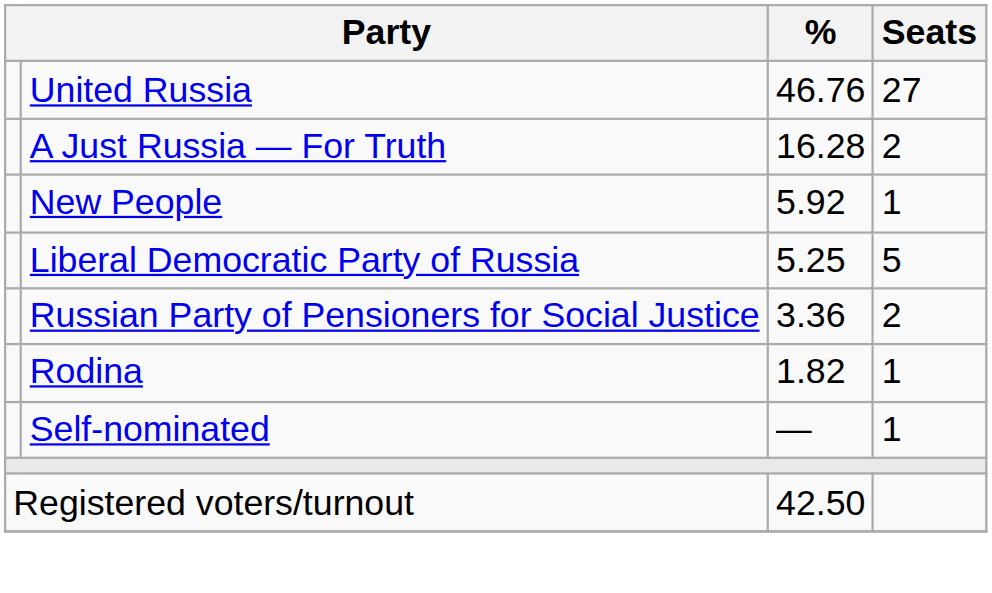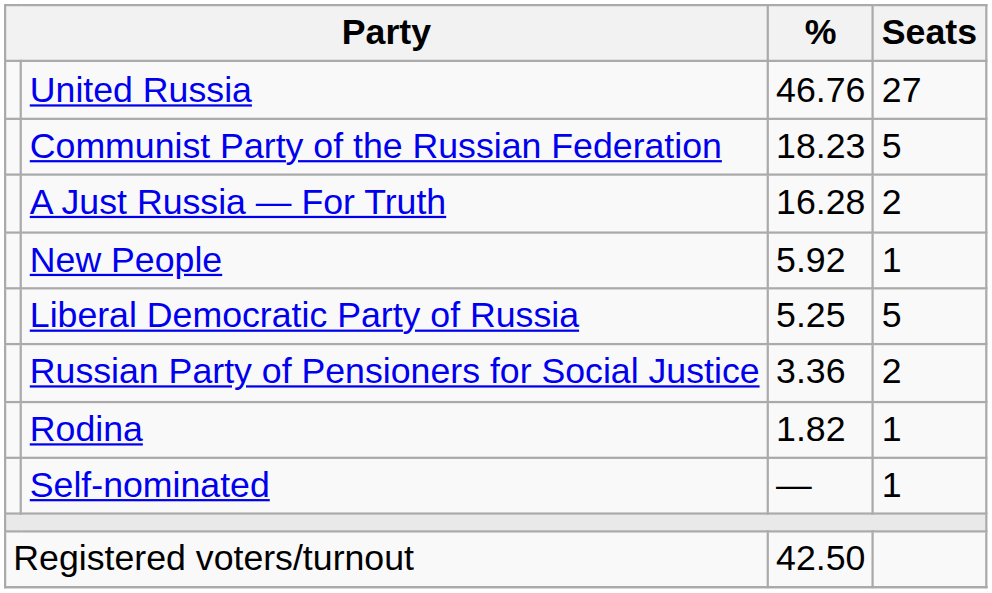 <table class="wikitable">
 <tr>
 <th colspan=2>Party</th>
 <th>%</th>
 <th>Seats</th>
 </tr>
 <tr>
 <td style="background:"></td>
 <td><a href='#'>United Russia</a></td>
 <td>46.76</td>
 <td>27</td>
+</tr>
+<tr>
+<td style="background:"></td>
+<td><a href='#'>Communist Party of the Russian Federation</a></td>
+<td>18.23</td>
+<td>5</td>
 </tr>
 <tr>
 <td style="background:"></td>
 <td><a href='#'>A Just Russia — For Truth</a></td>
 <td>16.28</td>
 <td>2</td>
 </tr>
 <tr>
 <td style="background:"></td>
 <td><a href='#'>New People</a></td>
 <td>5.92</td>
 <td>1</td>
 </tr>
 <tr>
 <td style="background:"></td>
 <td><a href='#'>Liberal Democratic Party of Russia</a></td>
 <td>5.25</td>
 <td>5</td>
 </tr>
 <tr>
 <td style="background:"></td>
 <td><a href='#'>Russian Party of Pensioners for Social Justice</a></td>
 <td>3.36</td>
 <td>2</td>
 </tr>
 <tr>
 <td style="background:"></td>
 <td><a href='#'>Rodina</a></td>
 <td>1.82</td>
 <td>1</td>
 </tr>
 <tr>
 <td style="background:"></td>
 <td><a href='#'>Self-nominated</a></td>
 <td>—</td>
 <td>1</td>
 </tr>
 <tr>
 <td colspan=4 style="background:#E9E9E9;"></td>
 </tr>
 <tr>
 <td align=left colspan=2>Registered voters/turnout</td>
 <td>42.50</td>
 <td></td>
 </tr>
 <tr>
 </tr>
 </table>
